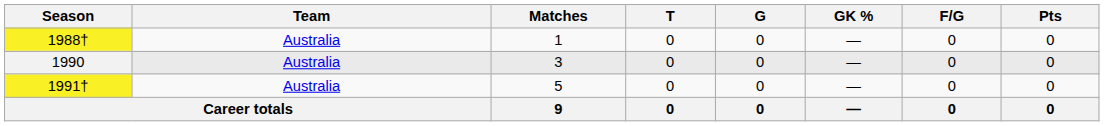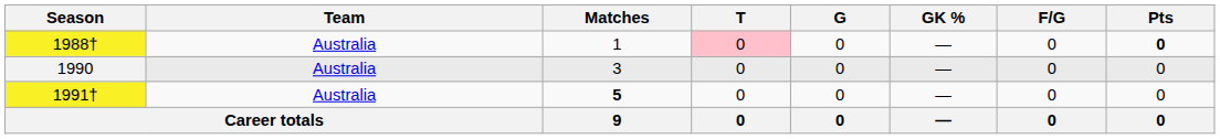 <table class="wikitable sortable"  style="font-size:90%; text-align:center; width:85%;">
 <tr>
 <th width=2%>Season</th>
 <th width=8%>Team</th>
 <th width=2%>Matches</th>
 <th width=2%>T</th>
 <th width=2%>G</th>
 <th width=2%>GK %</th>
 <th width=2%>F/G</th>
 <th width=2%>Pts</th>
 </tr>
 <tr>
 <th scope="row" style="text-align:center;background:#f9f025; font-weight:normal">1988†</th>
 <td style="text-align:center;"> <a href='#'>Australia</a></td>
 <td>1</td>
-<td>0</td>
+<td style="background: pink;">0</td>
 <td>0</td>
 <td>—</td>
 <td>0</td>
-<td>0</td>
+<td><strong>0</strong></td>
 </tr>
 <tr style="background-color: #EAEAEA">
 <th scope="row" style="text-align:center; font-weight:normal">1990</th>
 <td style="text-align:center;"> <a href='#'>Australia</a></td>
 <td>3</td>
 <td>0</td>
 <td>0</td>
 <td>—</td>
 <td>0</td>
 <td>0</td>
 </tr>
 <tr>
 <th scope="row" style="text-align:center;background:#f9f025; font-weight:normal">1991†</th>
 <td style="text-align:center;"> <a href='#'>Australia</a></td>
-<td>5</td>
+<td><strong>5</strong></td>
 <td>0</td>
 <td>0</td>
 <td>—</td>
 <td>0</td>
 <td>0</td>
 </tr>
 <tr class="sortbottom">
 <th colspan=2>Career totals</th>
 <th>9</th>
 <th>0</th>
 <th>0</th>
 <th>—</th>
 <th>0</th>
 <th>0</th>
 </tr>
 </table>
